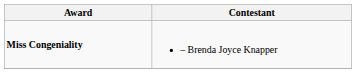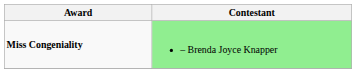 <table class="wikitable sortable" style="font-size:95%;">
 <tr>
 <th width="220">Award</th>
 <th width="300">Contestant</th>
 </tr>
 <tr>
 <td><strong>Miss Congeniality</strong></td>
-<td><br><ul><li><strong></strong> – Brenda Joyce Knapper</li></ul></td>
+<td style="background: lightgreen;"><br><ul><li><strong></strong> – Brenda Joyce Knapper</li></ul></td>
 </tr>
 <tr>
 </tr>
 </table>
